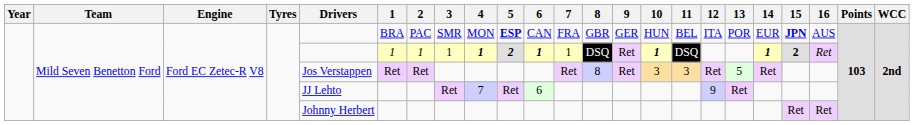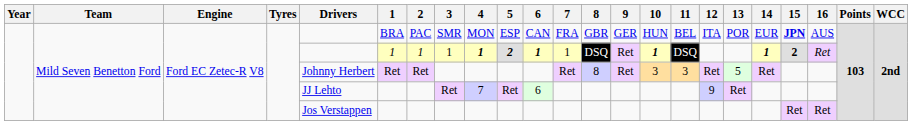 <table class="wikitable" style="text-align:center; font-size:85%">
 <tr>
 <th>Year</th>
 <th>Team</th>
 <th>Engine</th>
 <th>Tyres</th>
 <th>Drivers</th>
 <th>1</th>
 <th>2</th>
 <th>3</th>
 <th>4</th>
 <th>5</th>
 <th>6</th>
 <th>7</th>
 <th>8</th>
 <th>9</th>
 <th>10</th>
 <th>11</th>
 <th>12</th>
 <th>13</th>
 <th>14</th>
 <th>15</th>
 <th>16</th>
 <th>Points</th>
 <th>WCC</th>
 </tr>
 <tr>
 <td rowspan="5"></td>
 <td rowspan="5"><a href='#'>Mild Seven</a> <a href='#'>Benetton</a> <a href='#'>Ford</a></td>
 <td rowspan="5"><a href='#'>Ford EC Zetec-R</a> <a href='#'>V8</a></td>
 <td rowspan="5"></td>
 <td></td>
 <td><a href='#'>BRA</a></td>
 <td><a href='#'>PAC</a></td>
 <td><a href='#'>SMR</a></td>
 <td><a href='#'>MON</a></td>
-<td><strong><a href='#'>ESP</a></strong></td>
+<td><a href='#'>ESP</a></td>
 <td><a href='#'>CAN</a></td>
 <td><a href='#'>FRA</a></td>
 <td><a href='#'>GBR</a></td>
 <td><a href='#'>GER</a></td>
 <td><a href='#'>HUN</a></td>
 <td><a href='#'>BEL</a></td>
 <td><a href='#'>ITA</a></td>
 <td><a href='#'>POR</a></td>
 <td><a href='#'>EUR</a></td>
 <td><strong><a href='#'>JPN</a></strong></td>
 <td><a href='#'>AUS</a></td>
 <td rowspan="5" style="background:#dfdfdf;"><strong>103</strong></td>
 <td rowspan="5" style="background:#dfdfdf;"><strong>2nd</strong></td>
 </tr>
 <tr>
 <td align="left"></td>
 <td style="background:#ffffbf;"><em>1</em></td>
 <td style="background:#ffffbf;"><em>1</em></td>
 <td style="background:#ffffbf;">1</td>
 <td style="background:#ffffbf;"><strong><em>1</em></strong></td>
 <td style="background:#dfdfdf;"><strong><em>2</em></strong></td>
 <td style="background:#ffffbf;"><strong><em>1</em></strong></td>
 <td style="background:#ffffbf;">1</td>
 <td style="background:#000000; color:white">DSQ</td>
 <td style="background:#efcfff;">Ret</td>
 <td style="background:#ffffbf;"><strong><em>1</em></strong></td>
 <td style="background:#000000; color:white">DSQ</td>
 <td></td>
 <td></td>
 <td style="background:#ffffbf;"><strong><em>1</em></strong></td>
 <td style="background:#dfdfdf;"><strong>2</strong></td>
 <td style="background:#efcfff;"><em>Ret</em></td>
 </tr>
 <tr>
-<td align="left"><a href='#'>Jos Verstappen</a></td>
+<td align="left"><a href='#'>Johnny Herbert</a></td>
 <td style="background:#efcfff;">Ret</td>
 <td style="background:#efcfff;">Ret</td>
 <td></td>
 <td></td>
 <td></td>
 <td></td>
 <td style="background:#efcfff;">Ret</td>
 <td style="background:#cfcfff;">8</td>
 <td style="background:#efcfff;">Ret</td>
 <td style="background:#ffdf9f;">3</td>
 <td style="background:#ffdf9f;">3</td>
 <td style="background:#efcfff;">Ret</td>
 <td style="background:#dfffdf;">5</td>
 <td style="background:#efcfff;">Ret</td>
 <td></td>
 <td></td>
 </tr>
 <tr>
 <td align="left"><a href='#'>JJ Lehto</a></td>
 <td></td>
 <td></td>
 <td style="background:#efcfff;">Ret</td>
 <td style="background:#cfcfff;">7</td>
 <td style="background:#efcfff;">Ret</td>
 <td style="background:#dfffdf;">6</td>
 <td></td>
 <td></td>
 <td></td>
 <td></td>
 <td></td>
 <td style="background:#cfcfff;">9</td>
 <td style="background:#efcfff;">Ret</td>
 <td></td>
 <td></td>
 <td></td>
 </tr>
 <tr>
-<td align="left"><a href='#'>Johnny Herbert</a></td>
+<td align="left"><a href='#'>Jos Verstappen</a></td>
 <td></td>
 <td></td>
 <td></td>
 <td></td>
 <td></td>
 <td></td>
 <td></td>
 <td></td>
 <td></td>
 <td></td>
 <td></td>
 <td></td>
 <td></td>
 <td></td>
 <td style="background:#efcfff;">Ret</td>
 <td style="background:#efcfff;">Ret</td>
 </tr>
 </table>
